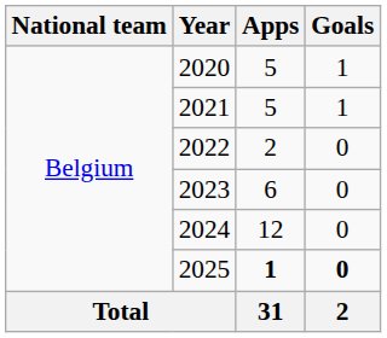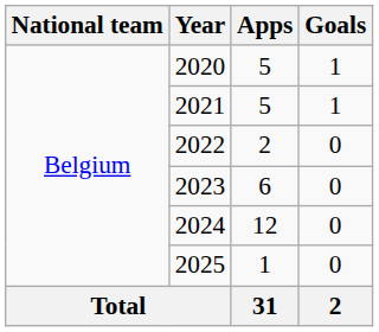 <table class="wikitable" style="text-align: center;">
 <tr>
 <th>National team</th>
 <th>Year</th>
 <th>Apps</th>
 <th>Goals</th>
 </tr>
 <tr>
 <td rowspan="6"><a href='#'>Belgium</a></td>
 <td>2020</td>
 <td>5</td>
 <td>1</td>
 </tr>
 <tr>
 <td>2021</td>
 <td>5</td>
 <td>1</td>
 </tr>
 <tr>
 <td>2022</td>
 <td>2</td>
 <td>0</td>
 </tr>
 <tr>
 <td>2023</td>
 <td>6</td>
 <td>0</td>
 </tr>
 <tr>
 <td>2024</td>
 <td>12</td>
 <td>0</td>
 </tr>
 <tr>
 <td>2025</td>
-<td><strong>1</strong></td>
-<td><strong>0</strong></td>
+<td>1</td>
+<td>0</td>
 </tr>
 <tr>
 <th colspan="2">Total</th>
 <th>31</th>
 <th>2</th>
 </tr>
 </table>
